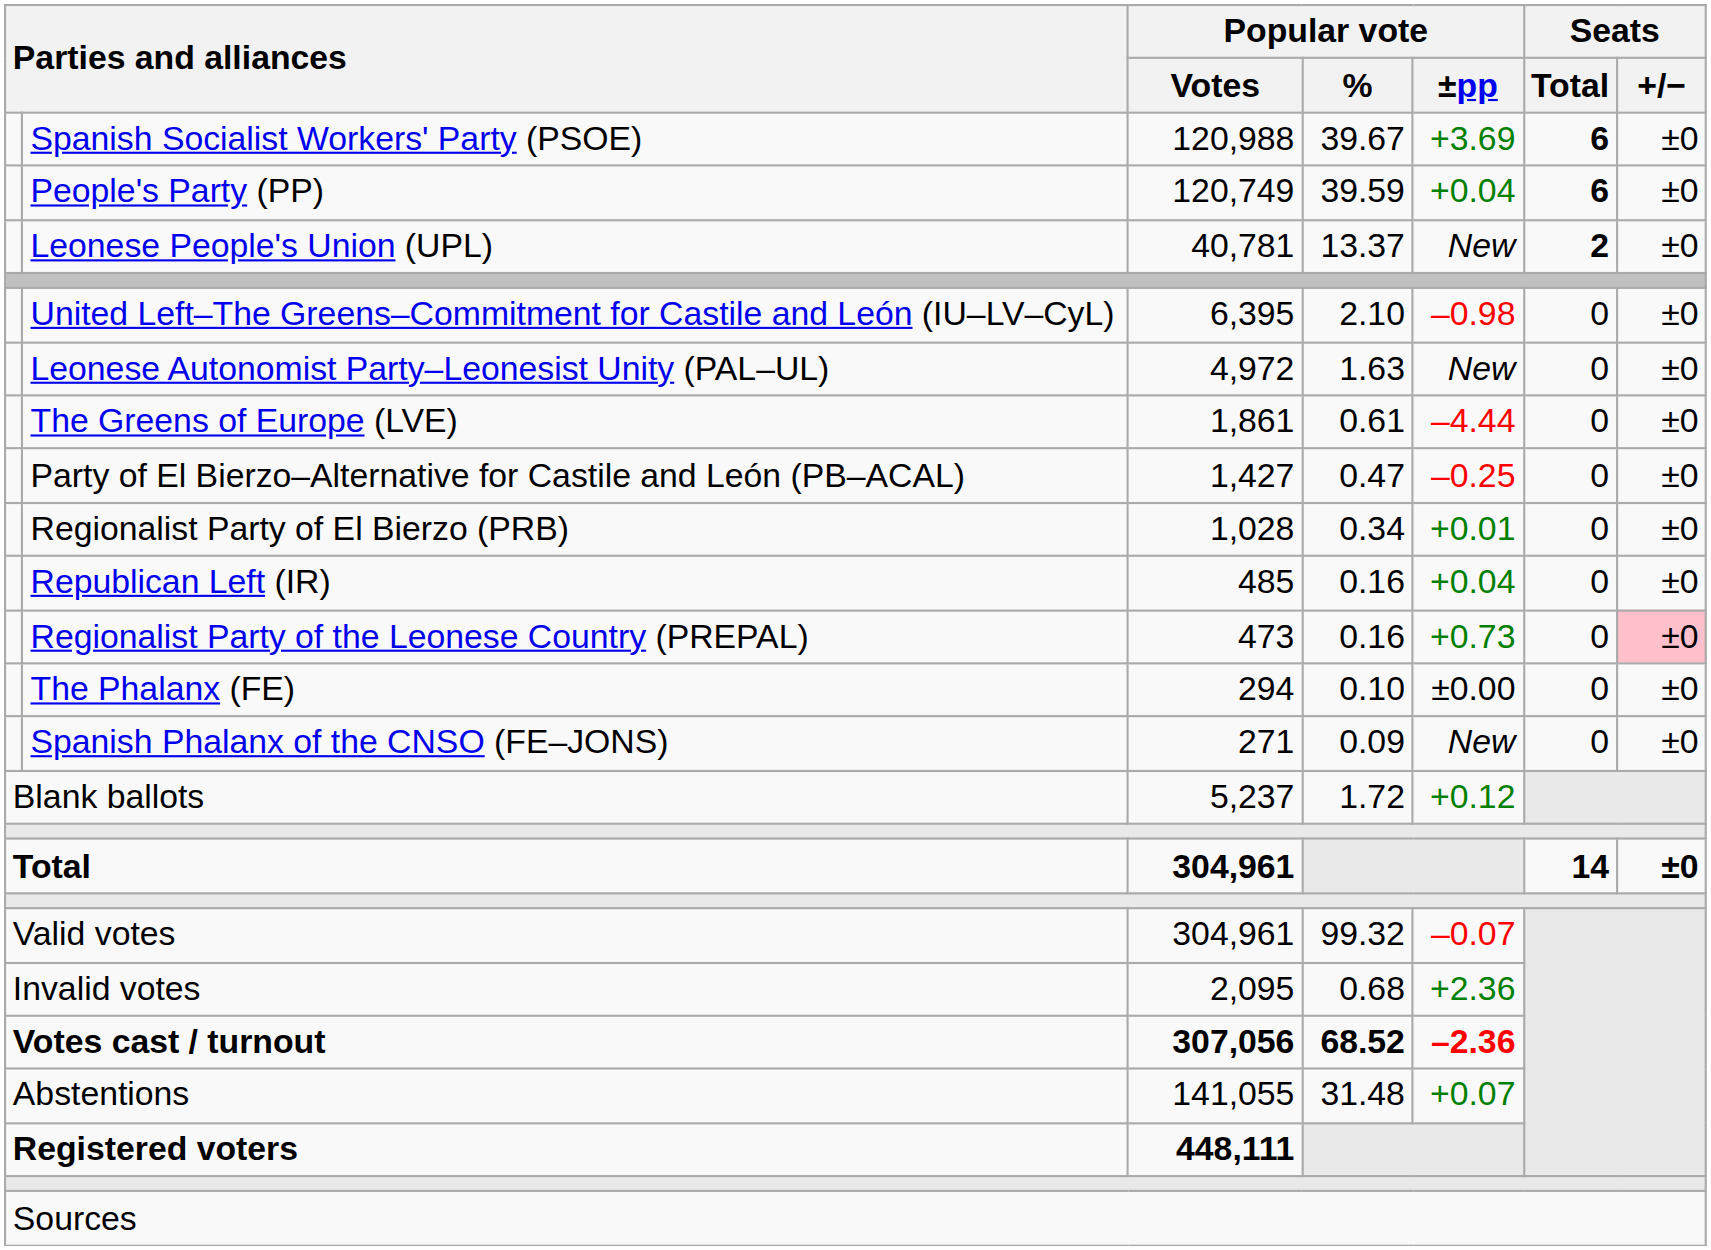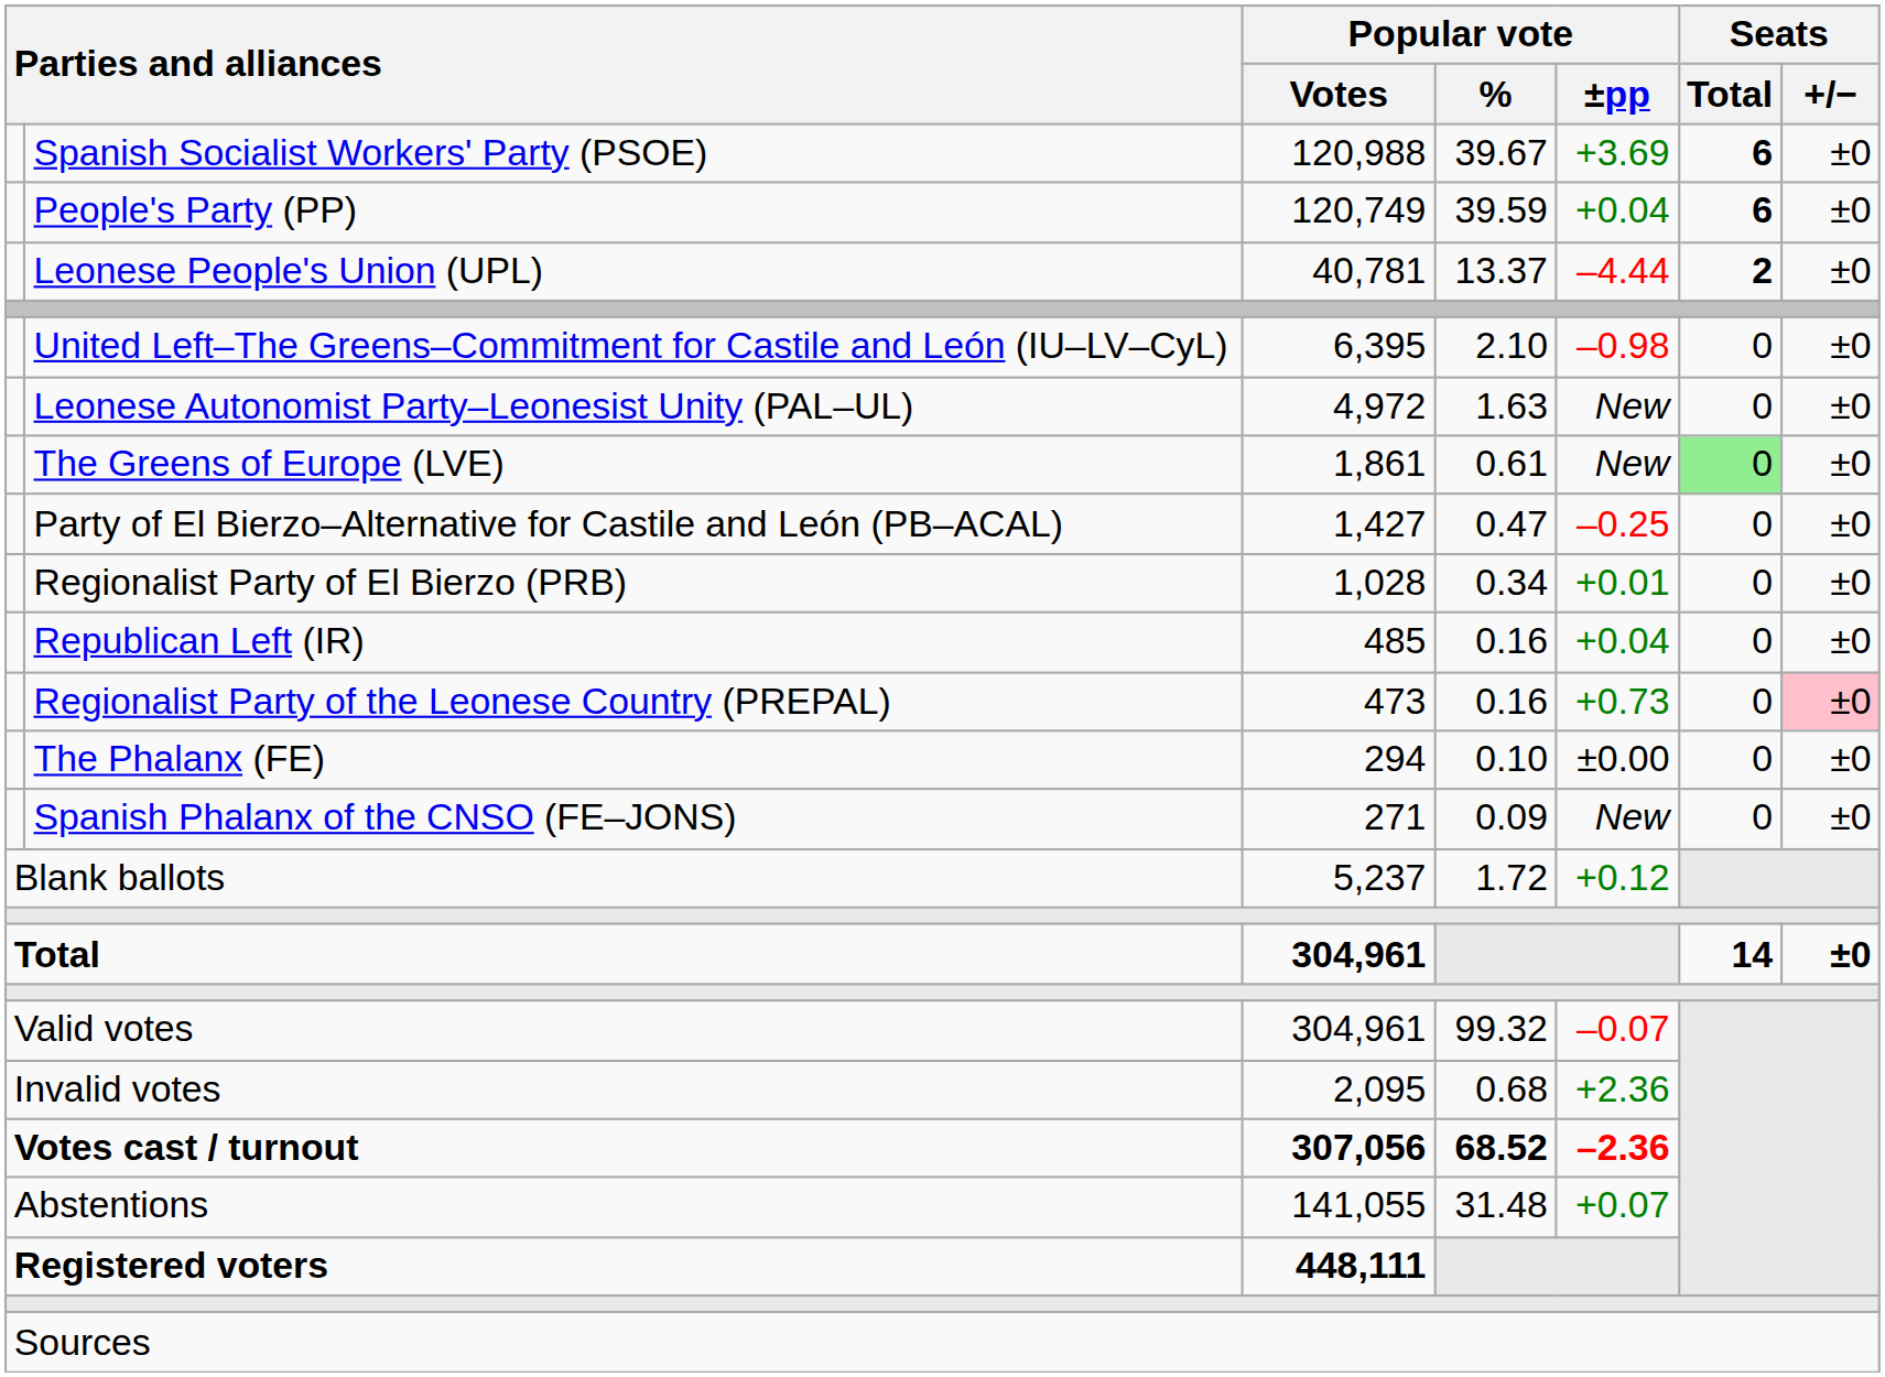 <table class="wikitable" style="text-align:right;">
 <tr>
 <th style="text-align:left;" rowspan="2" colspan="2" width="525">Parties and alliances</th>
 <th colspan="3">Popular vote</th>
 <th colspan="2">Seats</th>
 </tr>
 <tr>
 <th width="75">Votes</th>
 <th width="45">%</th>
 <th width="45">±<a href='#'>pp</a></th>
 <th width="35">Total</th>
 <th width="35">+/−</th>
 </tr>
 <tr>
 <td width="1" style="color:inherit;background:"></td>
 <td align="left"><a href='#'>Spanish Socialist Workers' Party</a> (PSOE)</td>
 <td>120,988</td>
 <td>39.67</td>
 <td style="color:green;">+3.69</td>
 <td><strong>6</strong></td>
 <td>±0</td>
 </tr>
 <tr>
 <td style="color:inherit;background:"></td>
 <td align="left"><a href='#'>People's Party</a> (PP)</td>
 <td>120,749</td>
 <td>39.59</td>
 <td style="color:green;">+0.04</td>
 <td><strong>6</strong></td>
 <td>±0</td>
 </tr>
 <tr>
 <td style="color:inherit;background:"></td>
 <td align="left"><a href='#'>Leonese People's Union</a> (UPL)</td>
 <td>40,781</td>
 <td>13.37</td>
-<td><em>New</em></td>
+<td style="color:red;">–4.44</td>
 <td><strong>2</strong></td>
 <td>±0</td>
 </tr>
 <tr>
 <td colspan="7" bgcolor="#C0C0C0"></td>
 </tr>
 <tr>
 <td style="color:inherit;background:"></td>
 <td align="left"><a href='#'>United Left–The Greens–Commitment for Castile and León</a> (IU–LV–CyL)</td>
 <td>6,395</td>
 <td>2.10</td>
 <td style="color:red;">–0.98</td>
 <td>0</td>
 <td>±0</td>
 </tr>
 <tr>
 <td style="color:inherit;background:"></td>
 <td align="left"><a href='#'>Leonese Autonomist Party–Leonesist Unity</a> (PAL–UL)</td>
 <td>4,972</td>
 <td>1.63</td>
 <td><em>New</em></td>
 <td>0</td>
 <td>±0</td>
 </tr>
 <tr>
 <td style="color:inherit;background:"></td>
 <td align="left"><a href='#'>The Greens of Europe</a> (LVE)</td>
 <td>1,861</td>
 <td>0.61</td>
-<td style="color:red;">–4.44</td>
-<td>0</td>
+<td><em>New</em></td>
+<td style="background: lightgreen;">0</td>
 <td>±0</td>
 </tr>
 <tr>
 <td style="color:inherit;background:"></td>
 <td align="left">Party of El Bierzo–Alternative for Castile and León (PB–ACAL)</td>
 <td>1,427</td>
 <td>0.47</td>
 <td style="color:red;">–0.25</td>
 <td>0</td>
 <td>±0</td>
 </tr>
 <tr>
 <td style="color:inherit;background:"></td>
 <td align="left">Regionalist Party of El Bierzo (PRB)</td>
 <td>1,028</td>
 <td>0.34</td>
 <td style="color:green;">+0.01</td>
 <td>0</td>
 <td>±0</td>
 </tr>
 <tr>
 <td style="color:inherit;background:"></td>
 <td align="left"><a href='#'>Republican Left</a> (IR)</td>
 <td>485</td>
 <td>0.16</td>
 <td style="color:green;">+0.04</td>
 <td>0</td>
 <td>±0</td>
 </tr>
 <tr>
 <td style="color:inherit;background:"></td>
 <td align="left"><a href='#'>Regionalist Party of the Leonese Country</a> (PREPAL)</td>
 <td>473</td>
 <td>0.16</td>
 <td style="color:green;">+0.73</td>
 <td>0</td>
 <td style="background: pink;">±0</td>
 </tr>
 <tr>
 <td style="color:inherit;background:"></td>
 <td align="left"><a href='#'>The Phalanx</a> (FE)</td>
 <td>294</td>
 <td>0.10</td>
 <td>±0.00</td>
 <td>0</td>
 <td>±0</td>
 </tr>
 <tr>
 <td style="color:inherit;background:"></td>
 <td align="left"><a href='#'>Spanish Phalanx of the CNSO</a> (FE–JONS)</td>
 <td>271</td>
 <td>0.09</td>
 <td><em>New</em></td>
 <td>0</td>
 <td>±0</td>
 </tr>
 <tr>
 <td align="left" colspan="2">Blank ballots</td>
 <td>5,237</td>
 <td>1.72</td>
 <td style="color:green;">+0.12</td>
 <td bgcolor="#E9E9E9" colspan="2"></td>
 </tr>
 <tr>
 <td colspan="7" bgcolor="#E9E9E9"></td>
 </tr>
 <tr style="font-weight:bold;">
 <td align="left" colspan="2">Total</td>
 <td>304,961</td>
 <td bgcolor="#E9E9E9" colspan="2"></td>
 <td>14</td>
 <td>±0</td>
 </tr>
 <tr>
 <td colspan="7" bgcolor="#E9E9E9"></td>
 </tr>
 <tr>
 <td align="left" colspan="2">Valid votes</td>
 <td>304,961</td>
 <td>99.32</td>
 <td style="color:red;">–0.07</td>
 <td bgcolor="#E9E9E9" colspan="2" rowspan="5"></td>
 </tr>
 <tr>
 <td align="left" colspan="2">Invalid votes</td>
 <td>2,095</td>
 <td>0.68</td>
 <td style="color:green;">+2.36</td>
 </tr>
 <tr style="font-weight:bold;">
 <td align="left" colspan="2">Votes cast / turnout</td>
 <td>307,056</td>
 <td>68.52</td>
 <td style="color:red;">–2.36</td>
 </tr>
 <tr>
 <td align="left" colspan="2">Abstentions</td>
 <td>141,055</td>
 <td>31.48</td>
 <td style="color:green;">+0.07</td>
 </tr>
 <tr style="font-weight:bold;">
 <td align="left" colspan="2">Registered voters</td>
 <td>448,111</td>
 <td bgcolor="#E9E9E9" colspan="2"></td>
 </tr>
 <tr>
 <td colspan="7" bgcolor="#E9E9E9"></td>
 </tr>
 <tr>
 <td align="left" colspan="7">Sources</td>
 </tr>
 </table>
